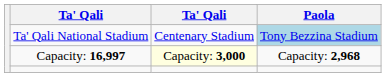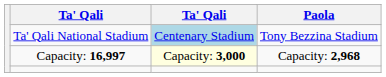 <table class="wikitable" style="text-align:center">
 <tr>
 <th rowspan="4"></th>
 <th><a href='#'>Ta' Qali</a></th>
 <th><a href='#'>Ta' Qali</a></th>
 <th><a href='#'>Paola</a></th>
 </tr>
 <tr>
 <td><a href='#'>Ta' Qali National Stadium</a></td>
-<td><a href='#'>Centenary Stadium</a></td>
-<td style="background: lightblue;"><a href='#'>Tony Bezzina Stadium</a></td>
+<td style="background: lightblue;"><a href='#'>Centenary Stadium</a></td>
+<td><a href='#'>Tony Bezzina Stadium</a></td>
 </tr>
 <tr>
 <td>Capacity: <strong>16,997</strong></td>
 <td style="background: lightyellow;">Capacity: <strong>3,000</strong></td>
 <td>Capacity: <strong>2,968</strong></td>
 </tr>
 <tr>
 <td></td>
 <td></td>
 <td></td>
 </tr>
 </table>
